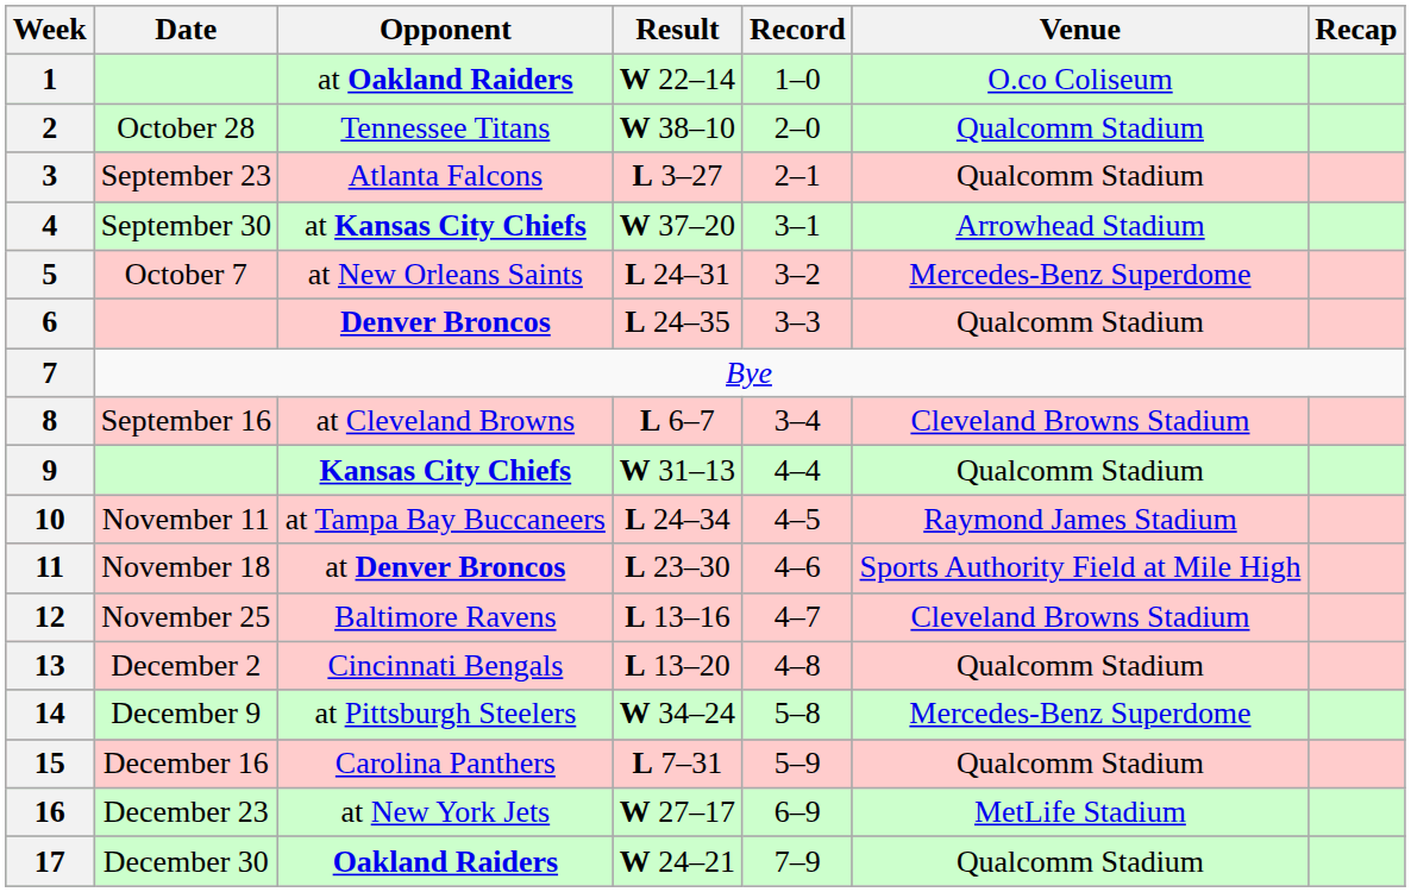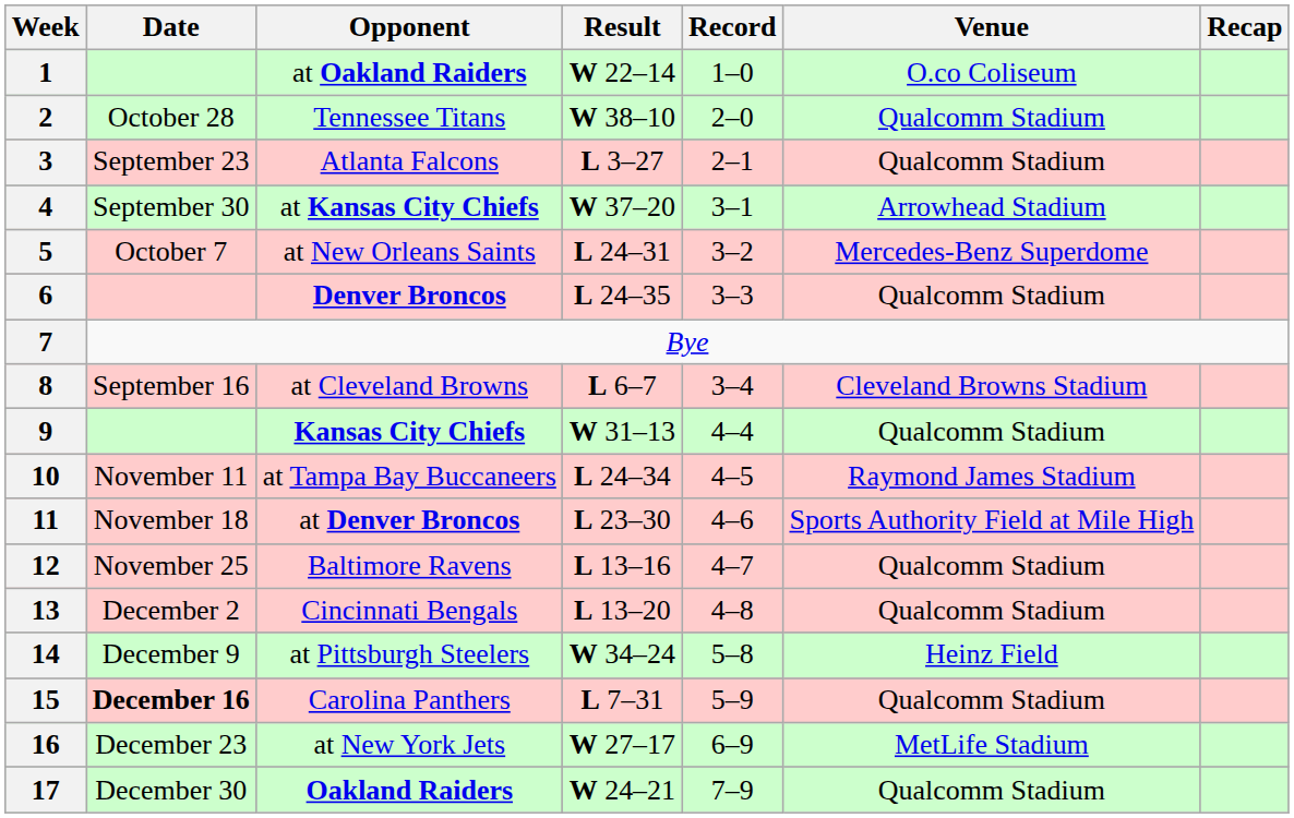 <table class="wikitable" style="text-align:center">
 <tr>
 <th>Week</th>
 <th>Date</th>
 <th>Opponent</th>
 <th>Result</th>
 <th>Record</th>
 <th>Venue</th>
 <th>Recap</th>
 </tr>
 <tr style="background:#cfc; text-align:center;">
 <th>1</th>
 <td></td>
 <td>at <strong><a href='#'>Oakland Raiders</a></strong></td>
 <td><strong>W</strong> 22–14</td>
 <td>1–0</td>
 <td><a href='#'>O.co Coliseum</a></td>
 <td></td>
 </tr>
 <tr style="background:#cfc; text-align:center;">
 <th>2</th>
 <td>October 28</td>
 <td><a href='#'>Tennessee Titans</a></td>
 <td><strong>W</strong> 38–10</td>
 <td>2–0</td>
 <td><a href='#'>Qualcomm Stadium</a></td>
 <td></td>
 </tr>
 <tr style="background:#fcc; text-align:center;">
 <th>3</th>
 <td>September 23</td>
 <td><a href='#'>Atlanta Falcons</a></td>
 <td><strong>L</strong> 3–27</td>
 <td>2–1</td>
 <td>Qualcomm Stadium</td>
 <td></td>
 </tr>
 <tr style="background:#cfc; text-align:center;">
 <th>4</th>
 <td>September 30</td>
 <td>at <strong><a href='#'>Kansas City Chiefs</a></strong></td>
 <td><strong>W</strong> 37–20</td>
 <td>3–1</td>
 <td><a href='#'>Arrowhead Stadium</a></td>
 <td></td>
 </tr>
 <tr style="background:#fcc; text-align:center;">
 <th>5</th>
 <td>October 7</td>
 <td>at <a href='#'>New Orleans Saints</a></td>
 <td><strong>L</strong> 24–31</td>
 <td>3–2</td>
 <td><a href='#'>Mercedes-Benz Superdome</a></td>
 <td></td>
 </tr>
 <tr style="background:#fcc; text-align:center;">
 <th>6</th>
 <td></td>
 <td><strong><a href='#'>Denver Broncos</a></strong></td>
 <td><strong>L</strong> 24–35</td>
 <td>3–3</td>
 <td>Qualcomm Stadium</td>
 <td></td>
 </tr>
 <tr>
 <th>7</th>
 <td colspan="6" style="text-align:center;"><em><a href='#'>Bye</a></em></td>
 </tr>
 <tr style="background:#fcc; text-align:center;">
 <th>8</th>
 <td>September 16</td>
 <td>at <a href='#'>Cleveland Browns</a></td>
 <td><strong>L</strong> 6–7</td>
 <td>3–4</td>
 <td><a href='#'>Cleveland Browns Stadium</a></td>
 <td></td>
 </tr>
 <tr style="background:#cfc; text-align:center;">
 <th>9</th>
 <td></td>
 <td><strong><a href='#'>Kansas City Chiefs</a></strong></td>
 <td><strong>W</strong> 31–13</td>
 <td>4–4</td>
 <td>Qualcomm Stadium</td>
 <td></td>
 </tr>
 <tr style="background:#fcc; text-align:center;">
 <th>10</th>
 <td>November 11</td>
 <td>at <a href='#'>Tampa Bay Buccaneers</a></td>
 <td><strong>L</strong> 24–34</td>
 <td>4–5</td>
 <td><a href='#'>Raymond James Stadium</a></td>
 <td></td>
 </tr>
 <tr style="background:#fcc; text-align:center;">
 <th>11</th>
 <td>November 18</td>
 <td>at <strong><a href='#'>Denver Broncos</a></strong></td>
 <td><strong>L</strong> 23–30</td>
 <td>4–6</td>
 <td><a href='#'>Sports Authority Field at Mile High</a></td>
 <td></td>
 </tr>
 <tr style="background:#fcc; text-align:center;">
 <th>12</th>
 <td>November 25</td>
 <td><a href='#'>Baltimore Ravens</a></td>
 <td><strong>L</strong> 13–16 </td>
 <td>4–7</td>
-<td><a href='#'>Cleveland Browns Stadium</a></td>
+<td>Qualcomm Stadium</td>
 <td></td>
 </tr>
 <tr style="background:#fcc; text-align:center;">
 <th>13</th>
 <td>December 2</td>
 <td><a href='#'>Cincinnati Bengals</a></td>
 <td><strong>L</strong> 13–20</td>
 <td>4–8</td>
 <td>Qualcomm Stadium</td>
 <td></td>
 </tr>
 <tr style="background:#cfc; text-align:center;">
 <th>14</th>
 <td>December 9</td>
 <td>at <a href='#'>Pittsburgh Steelers</a></td>
 <td><strong>W</strong> 34–24</td>
 <td>5–8</td>
-<td><a href='#'>Mercedes-Benz Superdome</a></td>
+<td><a href='#'>Heinz Field</a></td>
 <td></td>
 </tr>
 <tr style="background:#fcc; text-align:center;">
 <th>15</th>
-<td>December 16</td>
+<td><strong>December 16</strong></td>
 <td><a href='#'>Carolina Panthers</a></td>
 <td><strong>L</strong> 7–31</td>
 <td>5–9</td>
 <td>Qualcomm Stadium</td>
 <td></td>
 </tr>
 <tr style="background:#cfc; text-align:center;">
 <th>16</th>
 <td>December 23</td>
 <td>at <a href='#'>New York Jets</a></td>
 <td><strong>W</strong> 27–17</td>
 <td>6–9</td>
 <td><a href='#'>MetLife Stadium</a></td>
 <td></td>
 </tr>
 <tr style="background:#cfc; text-align:center;">
 <th>17</th>
 <td>December 30</td>
 <td><strong><a href='#'>Oakland Raiders</a></strong></td>
 <td><strong>W</strong> 24–21</td>
 <td>7–9</td>
 <td>Qualcomm Stadium</td>
 <td></td>
 </tr>
 </table>
